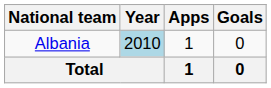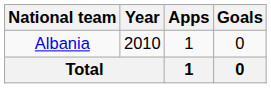 <table class=wikitable style="text-align: center;">
 <tr>
 <th>National team</th>
 <th>Year</th>
 <th>Apps</th>
 <th>Goals</th>
 </tr>
 <tr>
 <td rowspan=1><a href='#'>Albania</a></td>
-<td style="background: lightblue;">2010</td>
+<td>2010</td>
 <td>1</td>
 <td>0</td>
 </tr>
 <tr>
 <th colspan=2>Total</th>
 <th>1</th>
 <th>0</th>
 </tr>
 </table>
